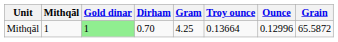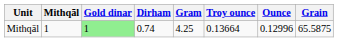 <table class="wikitable">
 <tr>
 <th>Unit</th>
 <th>Mithqāl</th>
 <th><a href='#'>Gold dinar</a></th>
 <th><a href='#'>Dirham</a></th>
 <th><a href='#'>Gram</a></th>
 <th><a href='#'>Troy ounce</a></th>
 <th><a href='#'>Ounce</a></th>
 <th><a href='#'>Grain</a></th>
 </tr>
 <tr>
 <td>Mithqāl</td>
 <td>1</td>
 <td style="background: lightgreen;">1</td>
-<td>0.70</td>
+<td>0.74</td>
 <td>4.25</td>
 <td>0.13664</td>
 <td>0.12996</td>
-<td>65.5872</td>
+<td>65.5875</td>
 </tr>
 </table>
